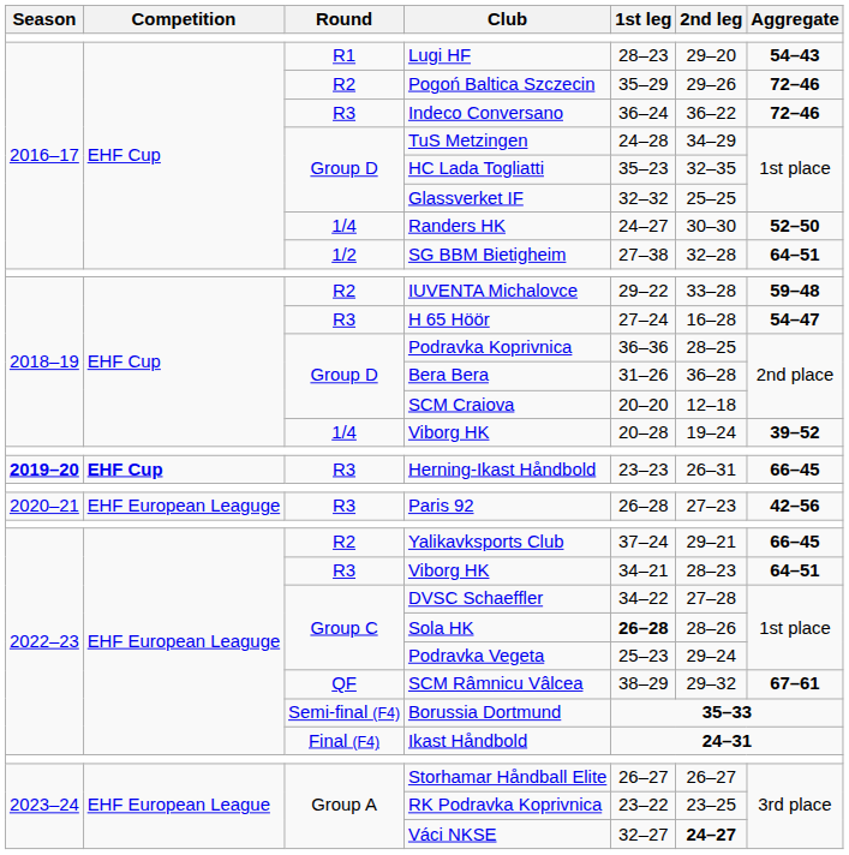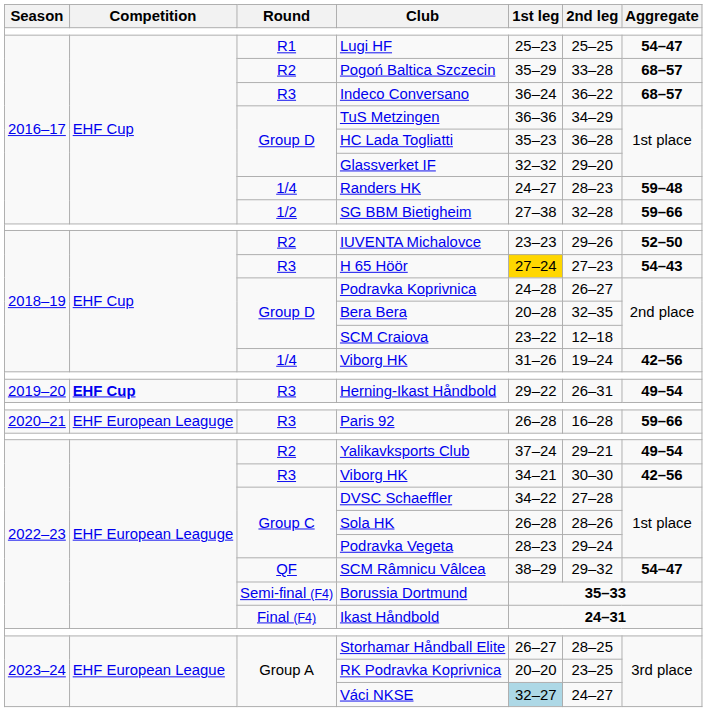 <table class="wikitable">
 <tr>
 <th>Season</th>
 <th>Competition</th>
 <th>Round</th>
 <th>Club</th>
 <th>1st leg</th>
 <th>2nd leg</th>
 <th>Aggregate</th>
 </tr>
 <tr>
 <td colspan="7" bgcolor=white></td>
 </tr>
 <tr>
 <td rowspan="8"><a href='#'>2016–17</a></td>
 <td rowspan="8"><a href='#'>EHF Cup</a></td>
 <td style="text-align:center;"><a href='#'>R1</a></td>
 <td> <a href='#'>Lugi HF</a></td>
-<td style="text-align:center;">28–23</td>
-<td style="text-align:center;">29–20</td>
-<td style="text-align:center;"><strong>54–43</strong></td>
+<td style="text-align:center;">25–23</td>
+<td style="text-align:center;">25–25</td>
+<td style="text-align:center;"><strong>54–47</strong></td>
 </tr>
 <tr>
 <td style="text-align:center;"><a href='#'>R2</a></td>
 <td> <a href='#'>Pogoń Baltica Szczecin</a></td>
 <td style="text-align:center;">35–29</td>
-<td style="text-align:center;">29–26</td>
-<td style="text-align:center;"><strong>72–46</strong></td>
+<td style="text-align:center;">33–28</td>
+<td style="text-align:center;"><strong>68–57</strong></td>
 </tr>
 <tr>
 <td style="text-align:center;"><a href='#'>R3</a></td>
 <td> <a href='#'>Indeco Conversano</a></td>
 <td style="text-align:center;">36–24</td>
 <td style="text-align:center;">36–22</td>
-<td style="text-align:center;"><strong>72–46</strong></td>
+<td style="text-align:center;"><strong>68–57</strong></td>
 </tr>
 <tr>
 <td rowspan="3" style="text-align:center;"><a href='#'>Group D</a></td>
 <td> <a href='#'>TuS Metzingen</a></td>
-<td style="text-align:center;">24–28</td>
+<td style="text-align:center;">36–36</td>
 <td style="text-align:center;">34–29</td>
 <td rowspan="3" style="text-align:center;">1st place</td>
 </tr>
 <tr>
 <td> <a href='#'>HC Lada Togliatti</a></td>
 <td style="text-align:center;">35–23</td>
-<td style="text-align:center;">32–35</td>
+<td style="text-align:center;">36–28</td>
 </tr>
 <tr>
 <td> <a href='#'>Glassverket IF</a></td>
 <td style="text-align:center;">32–32</td>
-<td style="text-align:center;">25–25</td>
+<td style="text-align:center;">29–20</td>
 </tr>
 <tr>
 <td style="text-align:center;"><a href='#'>1/4</a></td>
 <td> <a href='#'>Randers HK</a></td>
 <td style="text-align:center;">24–27</td>
-<td style="text-align:center;">30–30</td>
-<td style="text-align:center;"><strong>52–50</strong></td>
+<td style="text-align:center;">28–23</td>
+<td style="text-align:center;"><strong>59–48</strong></td>
 </tr>
 <tr>
 <td style="text-align:center;"><a href='#'>1/2</a></td>
 <td> <a href='#'>SG BBM Bietigheim</a></td>
 <td style="text-align:center;">27–38</td>
 <td style="text-align:center;">32–28</td>
-<td style="text-align:center;"><strong>64–51</strong></td>
+<td style="text-align:center;"><strong>59–66</strong></td>
 </tr>
 <tr>
 <td colspan="7" bgcolor=white></td>
 </tr>
 <tr>
 <td rowspan="6"><a href='#'>2018–19</a></td>
 <td rowspan="6"><a href='#'>EHF Cup</a></td>
 <td style="text-align:center;"><a href='#'>R2</a></td>
 <td> <a href='#'>IUVENTA Michalovce</a></td>
-<td style="text-align:center;">29–22</td>
-<td style="text-align:center;">33–28</td>
-<td style="text-align:center;"><strong>59–48</strong></td>
+<td style="text-align:center;">23–23</td>
+<td style="text-align:center;">29–26</td>
+<td style="text-align:center;"><strong>52–50</strong></td>
 </tr>
 <tr>
 <td style="text-align:center;"><a href='#'>R3</a></td>
 <td> <a href='#'>H 65 Höör</a></td>
-<td style="text-align:center;">27–24</td>
-<td style="text-align:center;">16–28</td>
-<td style="text-align:center;"><strong>54–47</strong></td>
+<td style="background: gold; text-align:center;">27–24</td>
+<td style="text-align:center;">27–23</td>
+<td style="text-align:center;"><strong>54–43</strong></td>
 </tr>
 <tr>
 <td rowspan="3" style="text-align:center;"><a href='#'>Group D</a></td>
 <td> <a href='#'>Podravka Koprivnica</a></td>
-<td style="text-align:center;">36–36</td>
-<td style="text-align:center;">28–25</td>
+<td style="text-align:center;">24–28</td>
+<td style="text-align:center;">26–27</td>
 <td rowspan="3" style="text-align:center;">2nd place</td>
 </tr>
 <tr>
 <td> <a href='#'>Bera Bera</a></td>
-<td style="text-align:center;">31–26</td>
-<td style="text-align:center;">36–28</td>
+<td style="text-align:center;">20–28</td>
+<td style="text-align:center;">32–35</td>
 </tr>
 <tr>
 <td> <a href='#'>SCM Craiova</a></td>
-<td style="text-align:center;">20–20</td>
+<td style="text-align:center;">23–22</td>
 <td style="text-align:center;">12–18</td>
 </tr>
 <tr>
 <td style="text-align:center;"><a href='#'>1/4</a></td>
 <td> <a href='#'>Viborg HK</a></td>
-<td style="text-align:center;">20–28</td>
+<td style="text-align:center;">31–26</td>
 <td style="text-align:center;">19–24</td>
-<td style="text-align:center;"><strong>39–52</strong></td>
+<td style="text-align:center;"><strong>42–56</strong></td>
 </tr>
 <tr>
 <td colspan="7" bgcolor=white></td>
 </tr>
 <tr>
-<td rowspan="1"><strong><a href='#'>2019–20</a></strong></td>
+<td rowspan="1"><a href='#'>2019–20</a></td>
 <td rowspan="1"><strong><a href='#'>EHF Cup</a></strong></td>
 <td style="text-align:center;"><a href='#'>R3</a></td>
 <td> <a href='#'>Herning-Ikast Håndbold</a></td>
-<td style="text-align:center;">23–23</td>
+<td style="text-align:center;">29–22</td>
 <td style="text-align:center;">26–31</td>
-<td style="text-align:center;"><strong>66–45</strong></td>
+<td style="text-align:center;"><strong>49–54</strong></td>
 </tr>
 <tr>
 <td colspan="7" bgcolor=white></td>
 </tr>
 <tr>
 <td rowspan="1"><a href='#'>2020–21</a></td>
 <td rowspan="1"><a href='#'>EHF European Leaguge</a></td>
 <td style="text-align:center;"><a href='#'>R3</a></td>
 <td> <a href='#'>Paris 92</a></td>
 <td style="text-align:center;">26–28</td>
-<td style="text-align:center;">27–23</td>
-<td style="text-align:center;"><strong>42–56</strong></td>
+<td style="text-align:center;">16–28</td>
+<td style="text-align:center;"><strong>59–66</strong></td>
 </tr>
 <tr>
 <td colspan="7" bgcolor=white></td>
 </tr>
 <tr>
 <td rowspan="8"><a href='#'>2022–23</a></td>
 <td rowspan="8"><a href='#'>EHF European Leaguge</a></td>
 <td style="text-align:center;"><a href='#'>R2</a></td>
 <td> <a href='#'>Yalikavksports Club</a></td>
 <td style="text-align:center;">37–24</td>
 <td style="text-align:center;">29–21</td>
-<td style="text-align:center;"><strong>66–45</strong></td>
+<td style="text-align:center;"><strong>49–54</strong></td>
 </tr>
 <tr>
 <td style="text-align:center;"><a href='#'>R3</a></td>
 <td> <a href='#'>Viborg HK</a></td>
 <td style="text-align:center;">34–21</td>
-<td style="text-align:center;">28–23</td>
-<td style="text-align:center;"><strong>64–51</strong></td>
+<td style="text-align:center;">30–30</td>
+<td style="text-align:center;"><strong>42–56</strong></td>
 </tr>
 <tr>
 <td rowspan="3" style="text-align:center;"><a href='#'>Group C</a></td>
 <td> <a href='#'>DVSC Schaeffler</a></td>
 <td style="text-align:center;">34–22</td>
 <td style="text-align:center;">27–28</td>
 <td rowspan="3" style="text-align:center;">1st place</td>
 </tr>
 <tr>
 <td> <a href='#'>Sola HK</a></td>
-<td style="text-align:center;"><strong>26–28</strong></td>
+<td style="text-align:center;">26–28</td>
 <td style="text-align:center;">28–26</td>
 </tr>
 <tr>
 <td> <a href='#'>Podravka Vegeta</a></td>
-<td style="text-align:center;">25–23</td>
+<td style="text-align:center;">28–23</td>
 <td style="text-align:center;">29–24</td>
 </tr>
 <tr>
 <td style="text-align:center;"><a href='#'>QF</a></td>
 <td> <a href='#'>SCM Râmnicu Vâlcea</a></td>
 <td style="text-align:center;">38–29</td>
 <td style="text-align:center;">29–32</td>
-<td style="text-align:center;"><strong>67–61</strong></td>
+<td style="text-align:center;"><strong>54–47</strong></td>
 </tr>
 <tr>
 <td style="text-align:center;"><a href='#'>Semi-final <small>(F4)</small></a></td>
 <td> <a href='#'>Borussia Dortmund</a></td>
 <td align=center colspan=3><strong>35–33</strong></td>
 </tr>
 <tr>
 <td style="text-align:center;"><a href='#'>Final <small>(F4)</small></a></td>
 <td> <a href='#'>Ikast Håndbold</a></td>
 <td align=center colspan=3><strong>24–31</strong></td>
 </tr>
 <tr>
 <td colspan=7 style="text-align: center;" bgcolor=white></td>
 </tr>
 <tr>
 <td rowspan=3><a href='#'>2023–24</a></td>
 <td rowspan=3><a href='#'>EHF European League</a></td>
 <td rowspan=3 style="text-align:center;">Group A</td>
 <td> <a href='#'>Storhamar Håndball Elite</a></td>
 <td style="text-align:center;">26–27</td>
-<td style="text-align:center;">26–27</td>
+<td style="text-align:center;">28–25</td>
 <td align=center rowspan=3>3rd place</td>
 </tr>
 <tr>
 <td> <a href='#'>RK Podravka Koprivnica</a></td>
-<td style="text-align:center;">23–22</td>
+<td style="text-align:center;">20–20</td>
 <td style="text-align:center;">23–25</td>
 </tr>
 <tr>
 <td> <a href='#'>Váci NKSE</a></td>
-<td style="text-align:center;">32–27</td>
-<td style="text-align:center;"><strong>24–27</strong></td>
+<td style="background: lightblue; text-align:center;">32–27</td>
+<td style="text-align:center;">24–27</td>
 </tr>
 </table>
